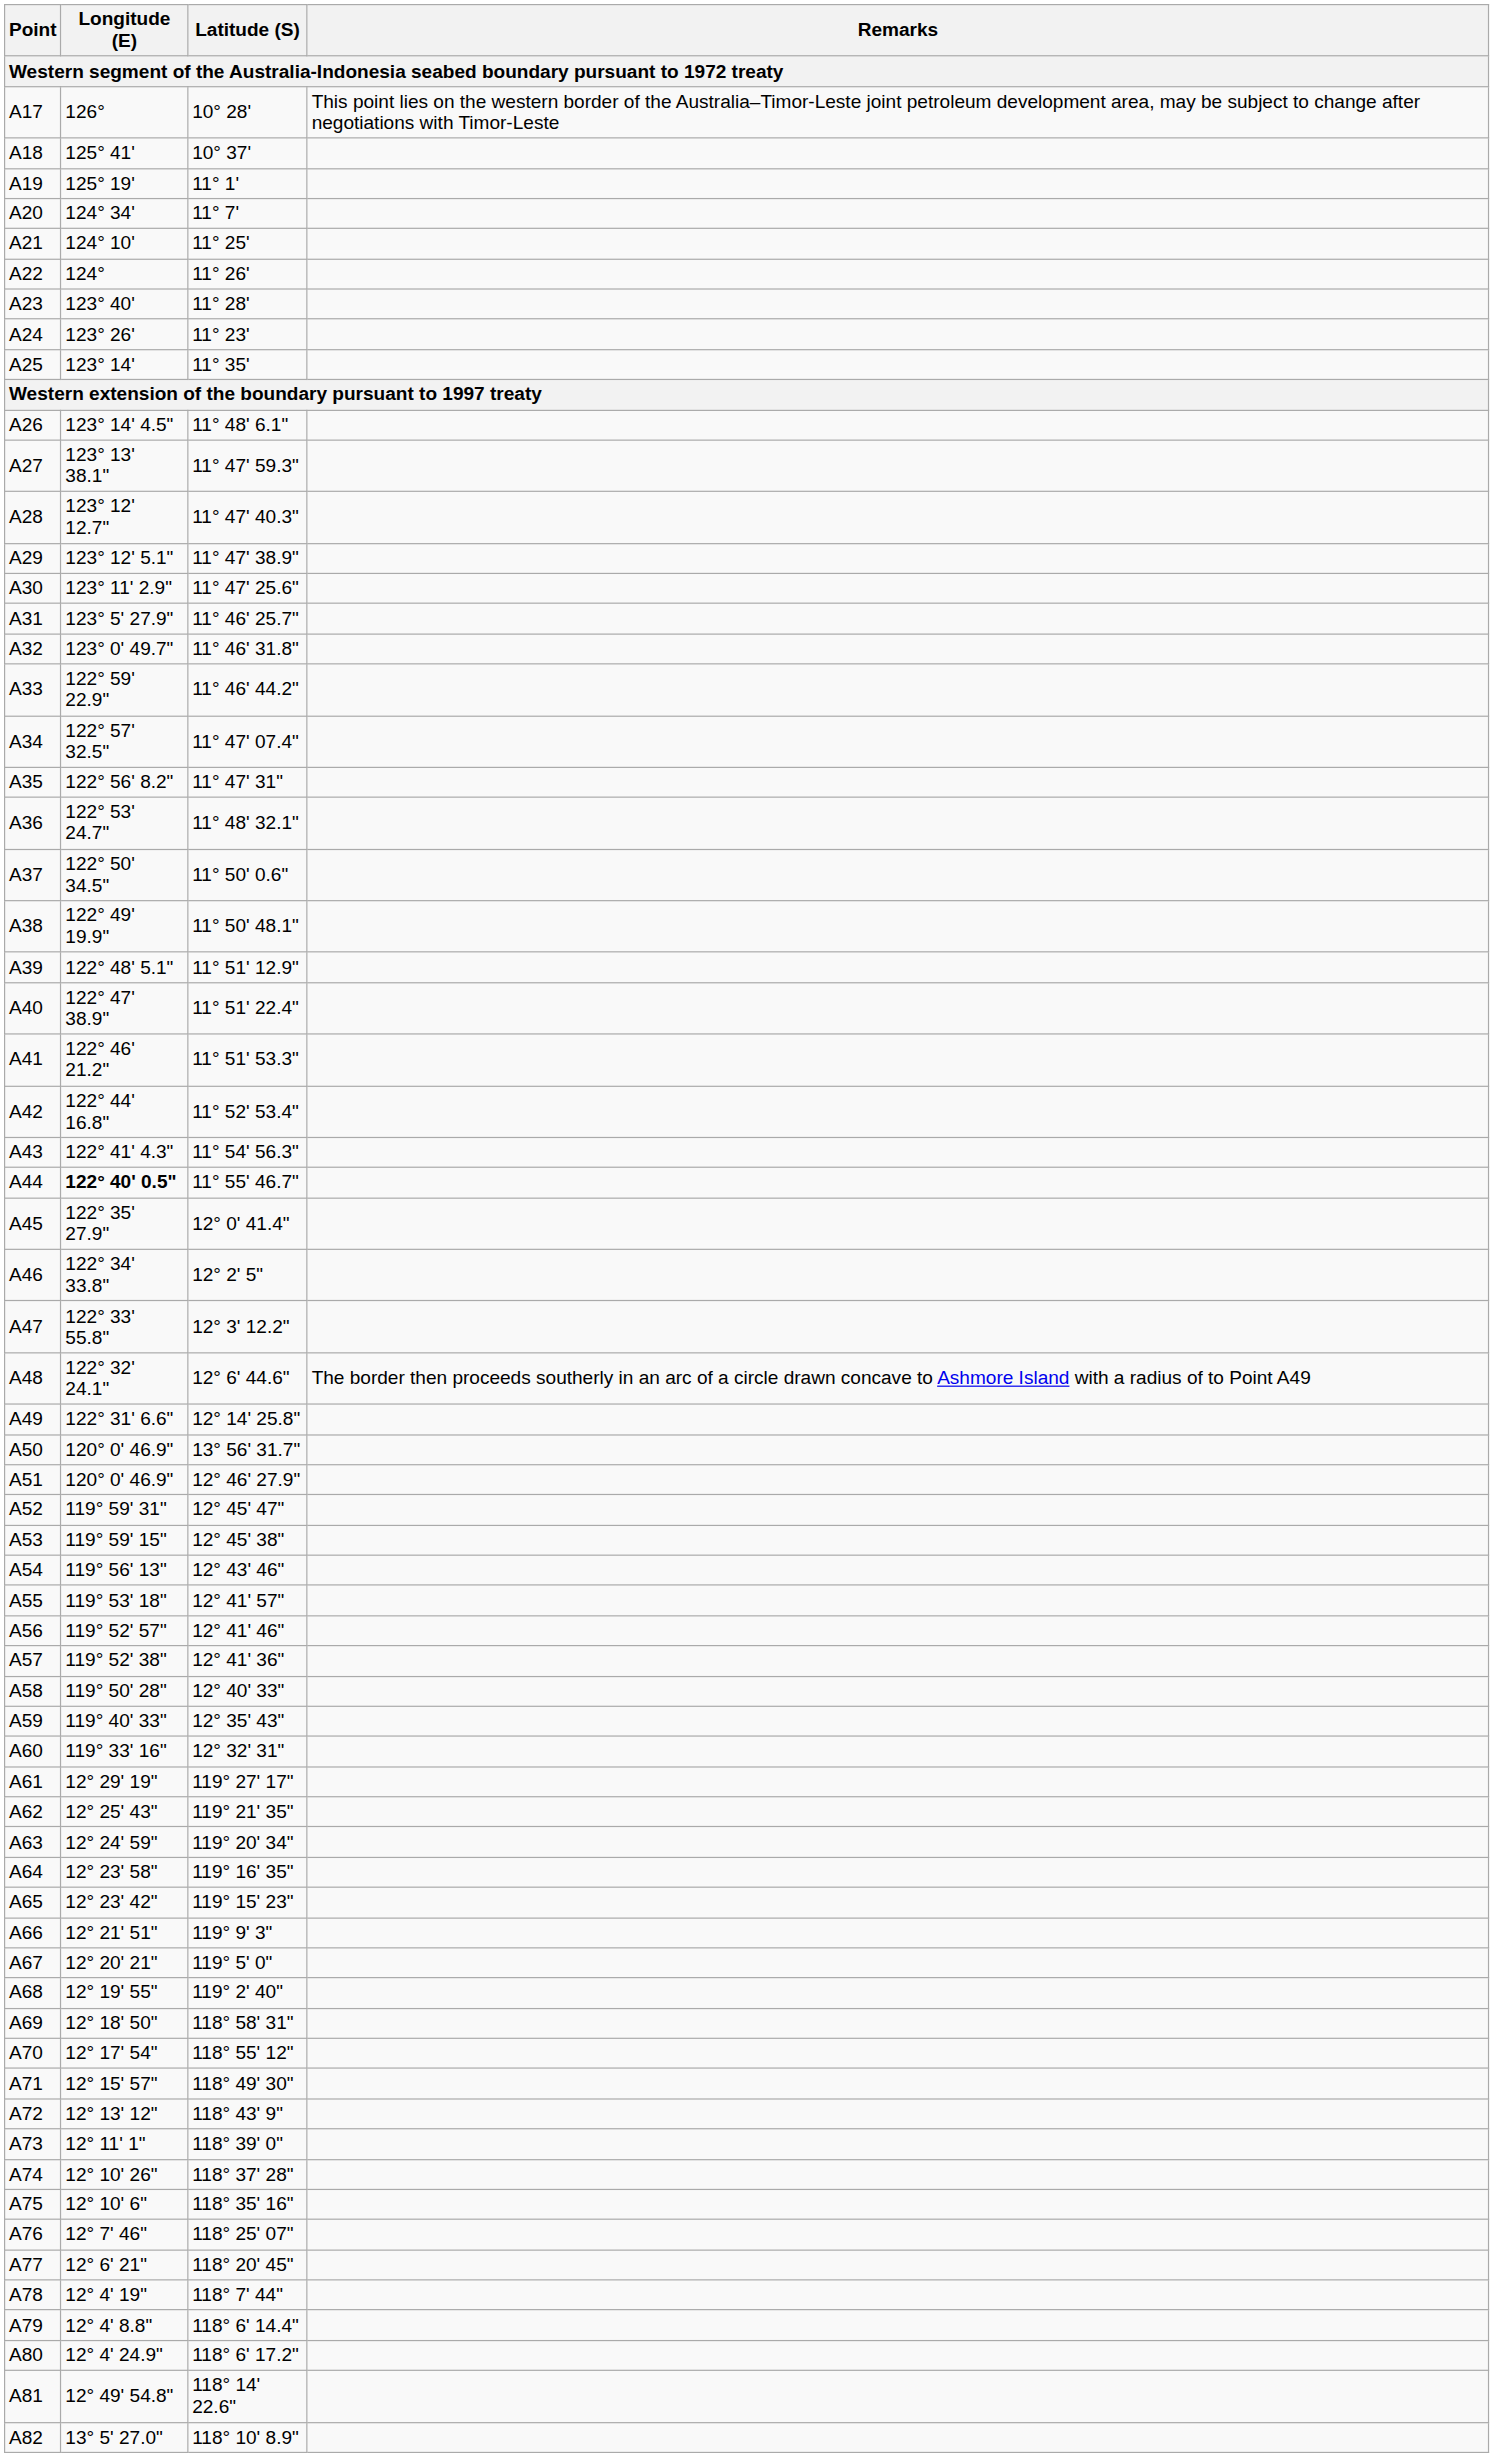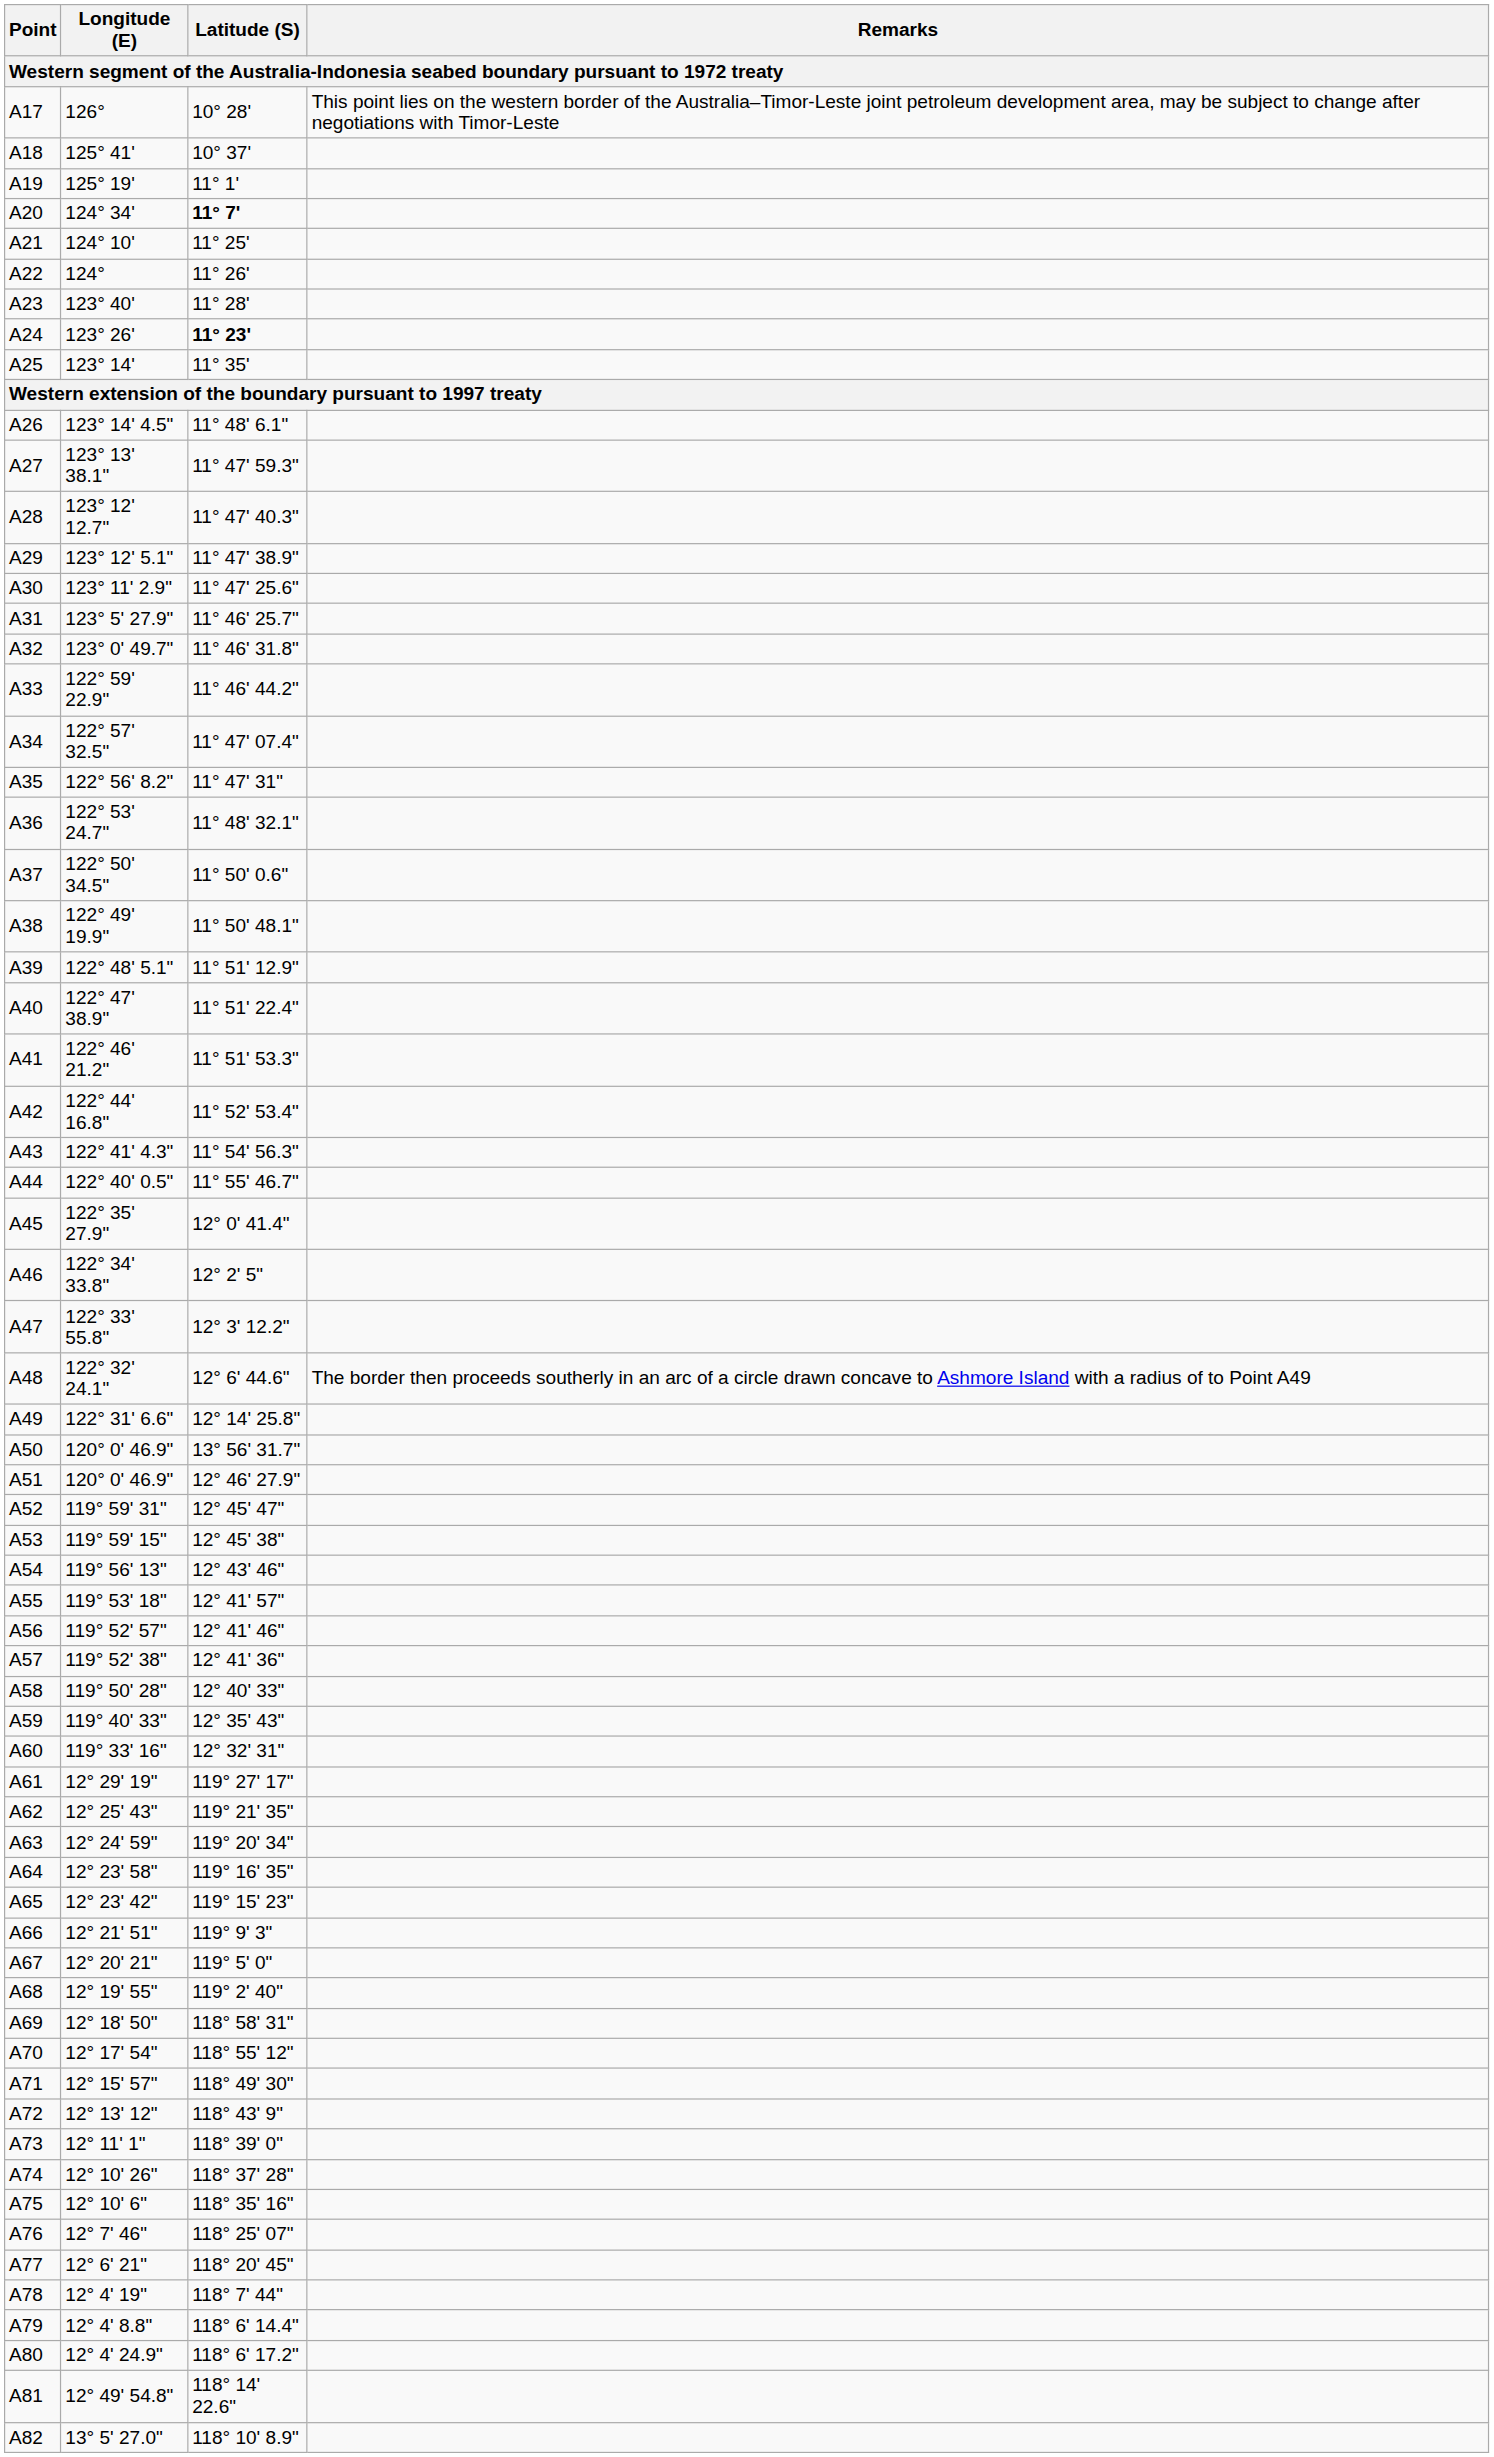 <table class="wikitable">
 <tr>
 <th>Point</th>
 <th>Longitude (E)</th>
 <th>Latitude (S)</th>
 <th>Remarks</th>
 </tr>
 <tr>
 <th colspan="5" style="text-align:left">Western segment of the Australia-Indonesia seabed boundary pursuant to 1972 treaty</th>
 </tr>
 <tr>
 <td>A17</td>
 <td>126°</td>
 <td>10° 28'</td>
 <td>This point lies on the western border of the Australia–Timor-Leste joint petroleum development area, may be subject to change after negotiations with Timor-Leste</td>
 </tr>
 <tr>
 <td>A18</td>
 <td>125° 41'</td>
 <td>10° 37'</td>
 <td></td>
 </tr>
 <tr>
 <td>A19</td>
 <td>125° 19'</td>
 <td>11° 1'</td>
 <td></td>
 </tr>
 <tr>
 <td>A20</td>
 <td>124° 34'</td>
-<td>11° 7'</td>
+<td><strong>11° 7'</strong></td>
 <td></td>
 </tr>
 <tr>
 <td>A21</td>
 <td>124° 10'</td>
 <td>11° 25'</td>
 <td></td>
 </tr>
 <tr>
 <td>A22</td>
 <td>124°</td>
 <td>11° 26'</td>
 <td></td>
 </tr>
 <tr>
 <td>A23</td>
 <td>123° 40'</td>
 <td>11° 28'</td>
 <td></td>
 </tr>
 <tr>
 <td>A24</td>
 <td>123° 26'</td>
-<td>11° 23'</td>
+<td><strong>11° 23'</strong></td>
 <td></td>
 </tr>
 <tr>
 <td>A25</td>
 <td>123° 14'</td>
 <td>11° 35'</td>
 <td></td>
 </tr>
 <tr>
 <th colspan="5" style="text-align:left">Western extension of the boundary pursuant to 1997 treaty</th>
 </tr>
 <tr>
 <td>A26</td>
 <td>123° 14' 4.5"</td>
 <td>11° 48' 6.1"</td>
 <td></td>
 </tr>
 <tr>
 <td>A27</td>
 <td>123° 13' 38.1"</td>
 <td>11° 47' 59.3"</td>
 <td></td>
 </tr>
 <tr>
 <td>A28</td>
 <td>123° 12' 12.7"</td>
 <td>11° 47' 40.3"</td>
 <td></td>
 </tr>
 <tr>
 <td>A29</td>
 <td>123° 12' 5.1"</td>
 <td>11° 47' 38.9"</td>
 <td></td>
 </tr>
 <tr>
 <td>A30</td>
 <td>123° 11' 2.9"</td>
 <td>11° 47' 25.6"</td>
 <td></td>
 </tr>
 <tr>
 <td>A31</td>
 <td>123° 5' 27.9"</td>
 <td>11° 46' 25.7"</td>
 <td></td>
 </tr>
 <tr>
 <td>A32</td>
 <td>123° 0' 49.7"</td>
 <td>11° 46' 31.8"</td>
 <td></td>
 </tr>
 <tr>
 <td>A33</td>
 <td>122° 59' 22.9"</td>
 <td>11° 46' 44.2"</td>
 <td></td>
 </tr>
 <tr>
 <td>A34</td>
 <td>122° 57' 32.5"</td>
 <td>11° 47' 07.4"</td>
 <td></td>
 </tr>
 <tr>
 <td>A35</td>
 <td>122° 56' 8.2"</td>
 <td>11° 47' 31"</td>
 <td></td>
 </tr>
 <tr>
 <td>A36</td>
 <td>122° 53' 24.7"</td>
 <td>11° 48' 32.1"</td>
 <td></td>
 </tr>
 <tr>
 <td>A37</td>
 <td>122° 50' 34.5"</td>
 <td>11° 50' 0.6"</td>
 <td></td>
 </tr>
 <tr>
 <td>A38</td>
 <td>122° 49' 19.9"</td>
 <td>11° 50' 48.1"</td>
 <td></td>
 </tr>
 <tr>
 <td>A39</td>
 <td>122° 48' 5.1"</td>
 <td>11° 51' 12.9"</td>
 <td></td>
 </tr>
 <tr>
 <td>A40</td>
 <td>122° 47' 38.9"</td>
 <td>11° 51' 22.4"</td>
 <td></td>
 </tr>
 <tr>
 <td>A41</td>
 <td>122° 46' 21.2"</td>
 <td>11° 51' 53.3"</td>
 <td></td>
 </tr>
 <tr>
 <td>A42</td>
 <td>122° 44' 16.8"</td>
 <td>11° 52' 53.4"</td>
 <td></td>
 </tr>
 <tr>
 <td>A43</td>
 <td>122° 41' 4.3"</td>
 <td>11° 54' 56.3"</td>
 <td></td>
 </tr>
 <tr>
 <td>A44</td>
-<td><strong>122° 40' 0.5"</strong></td>
+<td>122° 40' 0.5"</td>
 <td>11° 55' 46.7"</td>
 <td></td>
 </tr>
 <tr>
 <td>A45</td>
 <td>122° 35' 27.9"</td>
 <td>12° 0' 41.4"</td>
 <td></td>
 </tr>
 <tr>
 <td>A46</td>
 <td>122° 34' 33.8"</td>
 <td>12° 2' 5"</td>
 <td></td>
 </tr>
 <tr>
 <td>A47</td>
 <td>122° 33' 55.8"</td>
 <td>12° 3' 12.2"</td>
 <td></td>
 </tr>
 <tr>
 <td>A48</td>
 <td>122° 32' 24.1"</td>
 <td>12° 6' 44.6"</td>
 <td>The border then proceeds southerly in an arc of a circle drawn concave to <a href='#'>Ashmore Island</a> with a radius of  to Point A49</td>
 </tr>
 <tr>
 <td>A49</td>
 <td>122° 31' 6.6"</td>
 <td>12° 14' 25.8"</td>
 <td></td>
 </tr>
 <tr>
 <td>A50</td>
 <td>120° 0' 46.9"</td>
 <td>13° 56' 31.7"</td>
 <td></td>
 </tr>
 <tr>
 <td>A51</td>
 <td>120° 0' 46.9"</td>
 <td>12° 46' 27.9"</td>
 <td></td>
 </tr>
 <tr>
 <td>A52</td>
 <td>119° 59' 31"</td>
 <td>12° 45' 47"</td>
 <td></td>
 </tr>
 <tr>
 <td>A53</td>
 <td>119° 59' 15"</td>
 <td>12° 45' 38"</td>
 <td></td>
 </tr>
 <tr>
 <td>A54</td>
 <td>119° 56' 13"</td>
 <td>12° 43' 46"</td>
 <td></td>
 </tr>
 <tr>
 <td>A55</td>
 <td>119° 53' 18"</td>
 <td>12° 41' 57"</td>
 <td></td>
 </tr>
 <tr>
 <td>A56</td>
 <td>119° 52' 57"</td>
 <td>12° 41' 46"</td>
 <td></td>
 </tr>
 <tr>
 <td>A57</td>
 <td>119° 52' 38"</td>
 <td>12° 41' 36"</td>
 <td></td>
 </tr>
 <tr>
 <td>A58</td>
 <td>119° 50' 28"</td>
 <td>12° 40' 33"</td>
 <td></td>
 </tr>
 <tr>
 <td>A59</td>
 <td>119° 40' 33"</td>
 <td>12° 35' 43"</td>
 <td></td>
 </tr>
 <tr>
 <td>A60</td>
 <td>119° 33' 16"</td>
 <td>12° 32' 31"</td>
 <td></td>
 </tr>
 <tr>
 <td>A61</td>
 <td>12° 29' 19"</td>
 <td>119° 27' 17"</td>
 <td></td>
 </tr>
 <tr>
 <td>A62</td>
 <td>12° 25' 43"</td>
 <td>119° 21' 35"</td>
 <td></td>
 </tr>
 <tr>
 <td>A63</td>
 <td>12° 24' 59"</td>
 <td>119° 20' 34"</td>
 <td></td>
 </tr>
 <tr>
 <td>A64</td>
 <td>12° 23' 58"</td>
 <td>119° 16' 35"</td>
 <td></td>
 </tr>
 <tr>
 <td>A65</td>
 <td>12° 23' 42"</td>
 <td>119° 15' 23"</td>
 <td></td>
 </tr>
 <tr>
 <td>A66</td>
 <td>12° 21' 51"</td>
 <td>119° 9' 3"</td>
 <td></td>
 </tr>
 <tr>
 <td>A67</td>
 <td>12° 20' 21"</td>
 <td>119° 5' 0"</td>
 <td></td>
 </tr>
 <tr>
 <td>A68</td>
 <td>12° 19' 55"</td>
 <td>119° 2' 40"</td>
 <td></td>
 </tr>
 <tr>
 <td>A69</td>
 <td>12° 18' 50"</td>
 <td>118° 58' 31"</td>
 <td></td>
 </tr>
 <tr>
 <td>A70</td>
 <td>12° 17' 54"</td>
 <td>118° 55' 12"</td>
 <td></td>
 </tr>
 <tr>
 <td>A71</td>
 <td>12° 15' 57"</td>
 <td>118° 49' 30"</td>
 <td></td>
 </tr>
 <tr>
 <td>A72</td>
 <td>12° 13' 12"</td>
 <td>118° 43' 9"</td>
 <td></td>
 </tr>
 <tr>
 <td>A73</td>
 <td>12° 11' 1"</td>
 <td>118° 39' 0"</td>
 <td></td>
 </tr>
 <tr>
 <td>A74</td>
 <td>12° 10' 26"</td>
 <td>118° 37' 28"</td>
 <td></td>
 </tr>
 <tr>
 <td>A75</td>
 <td>12° 10' 6"</td>
 <td>118° 35' 16"</td>
 <td></td>
 </tr>
 <tr>
 <td>A76</td>
 <td>12° 7' 46"</td>
 <td>118° 25' 07"</td>
 <td></td>
 </tr>
 <tr>
 <td>A77</td>
 <td>12° 6' 21"</td>
 <td>118° 20' 45"</td>
 <td></td>
 </tr>
 <tr>
 <td>A78</td>
 <td>12° 4' 19"</td>
 <td>118° 7' 44"</td>
 <td></td>
 </tr>
 <tr>
 <td>A79</td>
 <td>12° 4' 8.8"</td>
 <td>118° 6' 14.4"</td>
 <td></td>
 </tr>
 <tr>
 <td>A80</td>
 <td>12° 4' 24.9"</td>
 <td>118° 6' 17.2"</td>
 <td></td>
 </tr>
 <tr>
 <td>A81</td>
 <td>12° 49' 54.8"</td>
 <td>118° 14' 22.6"</td>
 <td></td>
 </tr>
 <tr>
 <td>A82</td>
 <td>13° 5' 27.0"</td>
 <td>118° 10' 8.9"</td>
 <td></td>
 </tr>
 </table>
